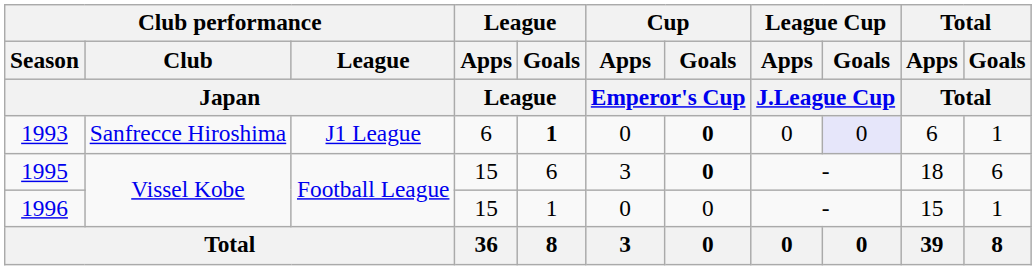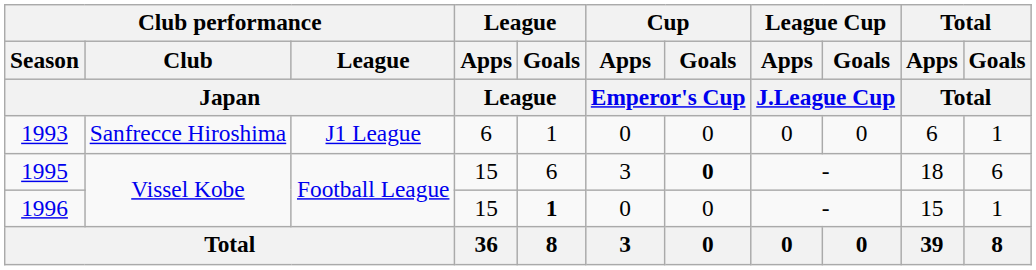 <table class="wikitable" style="text-align:center;">
 <tr>
 <th colspan=3>Club performance</th>
 <th colspan=2>League</th>
 <th colspan=2>Cup</th>
 <th colspan=2>League Cup</th>
 <th colspan=2>Total</th>
 </tr>
 <tr>
 <th>Season</th>
 <th>Club</th>
 <th>League</th>
 <th>Apps</th>
 <th>Goals</th>
 <th>Apps</th>
 <th>Goals</th>
 <th>Apps</th>
 <th>Goals</th>
 <th>Apps</th>
 <th>Goals</th>
 </tr>
 <tr>
 <th colspan=3>Japan</th>
 <th colspan=2>League</th>
 <th colspan=2><a href='#'>Emperor's Cup</a></th>
 <th colspan=2><a href='#'>J.League Cup</a></th>
 <th colspan=2>Total</th>
 </tr>
 <tr>
 <td><a href='#'>1993</a></td>
 <td><a href='#'>Sanfrecce Hiroshima</a></td>
 <td><a href='#'>J1 League</a></td>
 <td>6</td>
-<td><strong>1</strong></td>
+<td>1</td>
 <td>0</td>
-<td><strong>0</strong></td>
 <td>0</td>
-<td style="background: lavender;">0</td>
+<td>0</td>
+<td>0</td>
 <td>6</td>
 <td>1</td>
 </tr>
 <tr>
 <td><a href='#'>1995</a></td>
 <td rowspan="2"><a href='#'>Vissel Kobe</a></td>
 <td rowspan="2"><a href='#'>Football League</a></td>
 <td>15</td>
 <td>6</td>
 <td>3</td>
 <td><strong>0</strong></td>
 <td colspan="2">-</td>
 <td>18</td>
 <td>6</td>
 </tr>
 <tr>
 <td><a href='#'>1996</a></td>
 <td>15</td>
-<td>1</td>
+<td><strong>1</strong></td>
 <td>0</td>
 <td>0</td>
 <td colspan="2">-</td>
 <td>15</td>
 <td>1</td>
 </tr>
 <tr>
 <th colspan=3>Total</th>
 <th>36</th>
 <th>8</th>
 <th>3</th>
 <th>0</th>
 <th>0</th>
 <th>0</th>
 <th>39</th>
 <th>8</th>
 </tr>
 </table>
